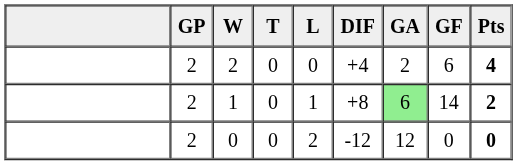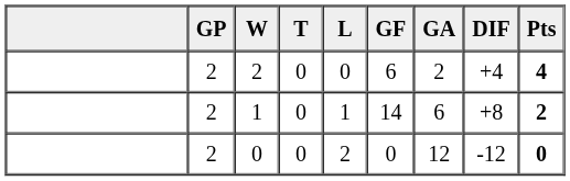 <table border=1 cellpadding=5 cellspacing=0>
 <tr>
 <th bgcolor="#efefef" width="120">　</th>
 <th bgcolor="#efefef" width="20">GP</th>
 <th bgcolor="#efefef" width="20">W</th>
 <th bgcolor="#efefef" width="20">T</th>
 <th bgcolor="#efefef" width="20">L</th>
+<th bgcolor="#efefef" width="20">GF</th>
+<th bgcolor="#efefef" width="20">GA</th>
 <th bgcolor="#efefef" width="20">DIF</th>
-<th bgcolor="#efefef" width="20">GA</th>
-<th bgcolor="#efefef" width="20">GF</th>
 <th bgcolor="#efefef" width="20">Pts</th>
 </tr>
 <tr align=center>
 <td align=left><strong></strong></td>
 <td>2</td>
 <td>2</td>
 <td>0</td>
 <td>0</td>
+<td>6</td>
+<td>2</td>
 <td>+4</td>
-<td>2</td>
-<td>6</td>
 <td><strong>4</strong></td>
 </tr>
 <tr align=center>
 <td align=left></td>
 <td>2</td>
 <td>1</td>
 <td>0</td>
 <td>1</td>
+<td>14</td>
+<td>6</td>
 <td>+8</td>
-<td style="background: lightgreen;">6</td>
-<td>14</td>
 <td><strong>2</strong></td>
 </tr>
 <tr align=center>
 <td align=left></td>
 <td>2</td>
 <td>0</td>
 <td>0</td>
 <td>2</td>
+<td>0</td>
+<td>12</td>
 <td>-12</td>
-<td>12</td>
-<td>0</td>
 <td><strong>0</strong></td>
 </tr>
 </table>
